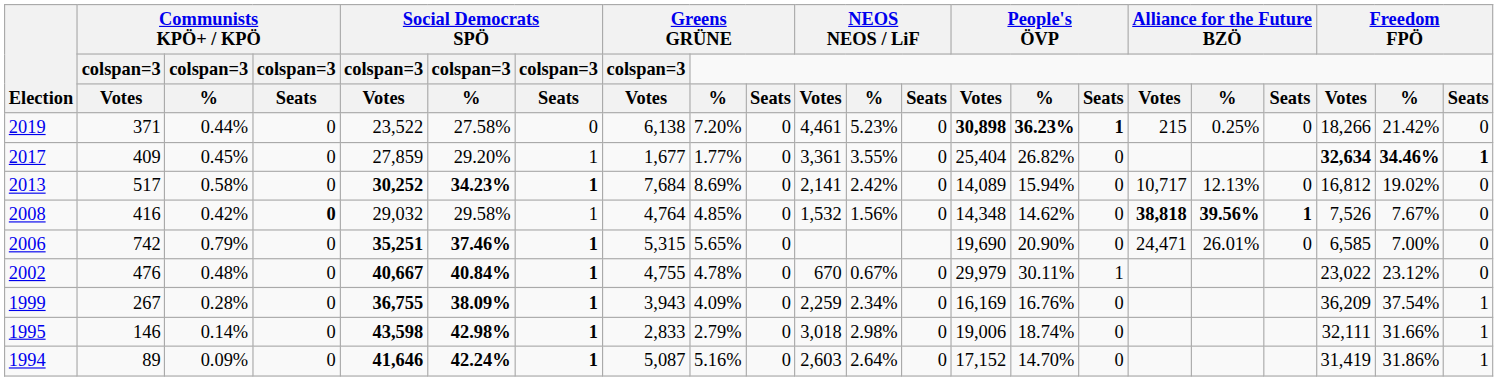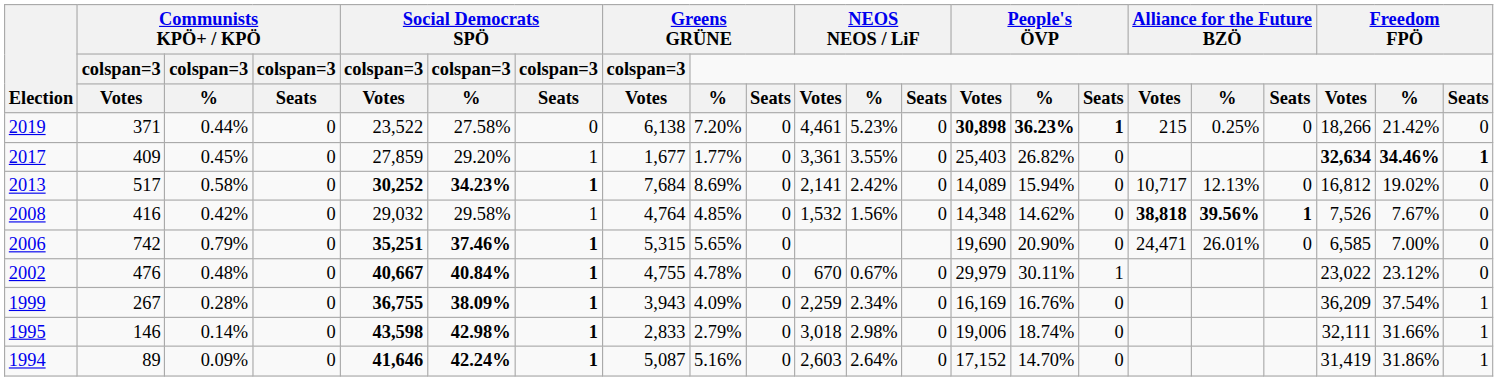 <table class="wikitable" border="1" style="font-size:100%; text-align:right;">
 <tr>
 <th style="text-align:left;" valign=bottom rowspan=3>Election</th>
 <th valign=bottom colspan=3><a href='#'>Communists</a><br>KPÖ+ / KPÖ</th>
 <th valign=bottom colspan=3><a href='#'>Social Democrats</a><br>SPÖ</th>
 <th valign=bottom colspan=3><a href='#'>Greens</a><br>GRÜNE</th>
 <th valign=bottom colspan=3><a href='#'>NEOS</a><br>NEOS / LiF</th>
 <th valign=bottom colspan=3><a href='#'>People's</a><br>ÖVP</th>
 <th valign=bottom colspan=3><a href='#'>Alliance for the Future</a><br>BZÖ</th>
 <th valign=bottom colspan=3><a href='#'>Freedom</a><br>FPÖ</th>
 </tr>
 <tr>
 <th>colspan=3 </th>
 <th>colspan=3 </th>
 <th>colspan=3 </th>
 <th>colspan=3 </th>
 <th>colspan=3 </th>
 <th>colspan=3 </th>
 <th>colspan=3 </th>
 </tr>
 <tr>
 <th>Votes</th>
 <th>%</th>
 <th>Seats</th>
 <th>Votes</th>
 <th>%</th>
 <th>Seats</th>
 <th>Votes</th>
 <th>%</th>
 <th>Seats</th>
 <th>Votes</th>
 <th>%</th>
 <th>Seats</th>
 <th>Votes</th>
 <th>%</th>
 <th>Seats</th>
 <th>Votes</th>
 <th>%</th>
 <th>Seats</th>
 <th>Votes</th>
 <th>%</th>
 <th>Seats</th>
 </tr>
 <tr>
 <td align=left><a href='#'>2019</a></td>
 <td>371</td>
 <td>0.44%</td>
 <td>0</td>
 <td>23,522</td>
 <td>27.58%</td>
 <td>0</td>
 <td>6,138</td>
 <td>7.20%</td>
 <td>0</td>
 <td>4,461</td>
 <td>5.23%</td>
 <td>0</td>
 <td><strong>30,898</strong></td>
 <td><strong>36.23%</strong></td>
 <td><strong>1</strong></td>
 <td>215</td>
 <td>0.25%</td>
 <td>0</td>
 <td>18,266</td>
 <td>21.42%</td>
 <td>0</td>
 </tr>
 <tr>
 <td align=left><a href='#'>2017</a></td>
 <td>409</td>
 <td>0.45%</td>
 <td>0</td>
 <td>27,859</td>
 <td>29.20%</td>
 <td>1</td>
 <td>1,677</td>
 <td>1.77%</td>
 <td>0</td>
 <td>3,361</td>
 <td>3.55%</td>
 <td>0</td>
-<td>25,404</td>
+<td>25,403</td>
 <td>26.82%</td>
 <td>0</td>
 <td></td>
 <td></td>
 <td></td>
 <td><strong>32,634</strong></td>
 <td><strong>34.46%</strong></td>
 <td><strong>1</strong></td>
 </tr>
 <tr>
 <td align=left><a href='#'>2013</a></td>
 <td>517</td>
 <td>0.58%</td>
 <td>0</td>
 <td><strong>30,252</strong></td>
 <td><strong>34.23%</strong></td>
 <td><strong>1</strong></td>
 <td>7,684</td>
 <td>8.69%</td>
 <td>0</td>
 <td>2,141</td>
 <td>2.42%</td>
 <td>0</td>
 <td>14,089</td>
 <td>15.94%</td>
 <td>0</td>
 <td>10,717</td>
 <td>12.13%</td>
 <td>0</td>
 <td>16,812</td>
 <td>19.02%</td>
 <td>0</td>
 </tr>
 <tr>
 <td align=left><a href='#'>2008</a></td>
 <td>416</td>
 <td>0.42%</td>
-<td><strong>0</strong></td>
+<td>0</td>
 <td>29,032</td>
 <td>29.58%</td>
 <td>1</td>
 <td>4,764</td>
 <td>4.85%</td>
 <td>0</td>
 <td>1,532</td>
 <td>1.56%</td>
 <td>0</td>
 <td>14,348</td>
 <td>14.62%</td>
 <td>0</td>
 <td><strong>38,818</strong></td>
 <td><strong>39.56%</strong></td>
 <td><strong>1</strong></td>
 <td>7,526</td>
 <td>7.67%</td>
 <td>0</td>
 </tr>
 <tr>
 <td align=left><a href='#'>2006</a></td>
 <td>742</td>
 <td>0.79%</td>
 <td>0</td>
 <td><strong>35,251</strong></td>
 <td><strong>37.46%</strong></td>
 <td><strong>1</strong></td>
 <td>5,315</td>
 <td>5.65%</td>
 <td>0</td>
 <td></td>
 <td></td>
 <td></td>
 <td>19,690</td>
 <td>20.90%</td>
 <td>0</td>
 <td>24,471</td>
 <td>26.01%</td>
 <td>0</td>
 <td>6,585</td>
 <td>7.00%</td>
 <td>0</td>
 </tr>
 <tr>
 <td align=left><a href='#'>2002</a></td>
 <td>476</td>
 <td>0.48%</td>
 <td>0</td>
 <td><strong>40,667</strong></td>
 <td><strong>40.84%</strong></td>
 <td><strong>1</strong></td>
 <td>4,755</td>
 <td>4.78%</td>
 <td>0</td>
 <td>670</td>
 <td>0.67%</td>
 <td>0</td>
 <td>29,979</td>
 <td>30.11%</td>
 <td>1</td>
 <td></td>
 <td></td>
 <td></td>
 <td>23,022</td>
 <td>23.12%</td>
 <td>0</td>
 </tr>
 <tr>
 <td align=left><a href='#'>1999</a></td>
 <td>267</td>
 <td>0.28%</td>
 <td>0</td>
 <td><strong>36,755</strong></td>
 <td><strong>38.09%</strong></td>
 <td><strong>1</strong></td>
 <td>3,943</td>
 <td>4.09%</td>
 <td>0</td>
 <td>2,259</td>
 <td>2.34%</td>
 <td>0</td>
 <td>16,169</td>
 <td>16.76%</td>
 <td>0</td>
 <td></td>
 <td></td>
 <td></td>
 <td>36,209</td>
 <td>37.54%</td>
 <td>1</td>
 </tr>
 <tr>
 <td align=left><a href='#'>1995</a></td>
 <td>146</td>
 <td>0.14%</td>
 <td>0</td>
 <td><strong>43,598</strong></td>
 <td><strong>42.98%</strong></td>
 <td><strong>1</strong></td>
 <td>2,833</td>
 <td>2.79%</td>
 <td>0</td>
 <td>3,018</td>
 <td>2.98%</td>
 <td>0</td>
 <td>19,006</td>
 <td>18.74%</td>
 <td>0</td>
 <td></td>
 <td></td>
 <td></td>
 <td>32,111</td>
 <td>31.66%</td>
 <td>1</td>
 </tr>
 <tr>
 <td align=left><a href='#'>1994</a></td>
 <td>89</td>
 <td>0.09%</td>
 <td>0</td>
 <td><strong>41,646</strong></td>
 <td><strong>42.24%</strong></td>
 <td><strong>1</strong></td>
 <td>5,087</td>
 <td>5.16%</td>
 <td>0</td>
 <td>2,603</td>
 <td>2.64%</td>
 <td>0</td>
 <td>17,152</td>
 <td>14.70%</td>
 <td>0</td>
 <td></td>
 <td></td>
 <td></td>
 <td>31,419</td>
 <td>31.86%</td>
 <td>1</td>
 </tr>
 </table>
